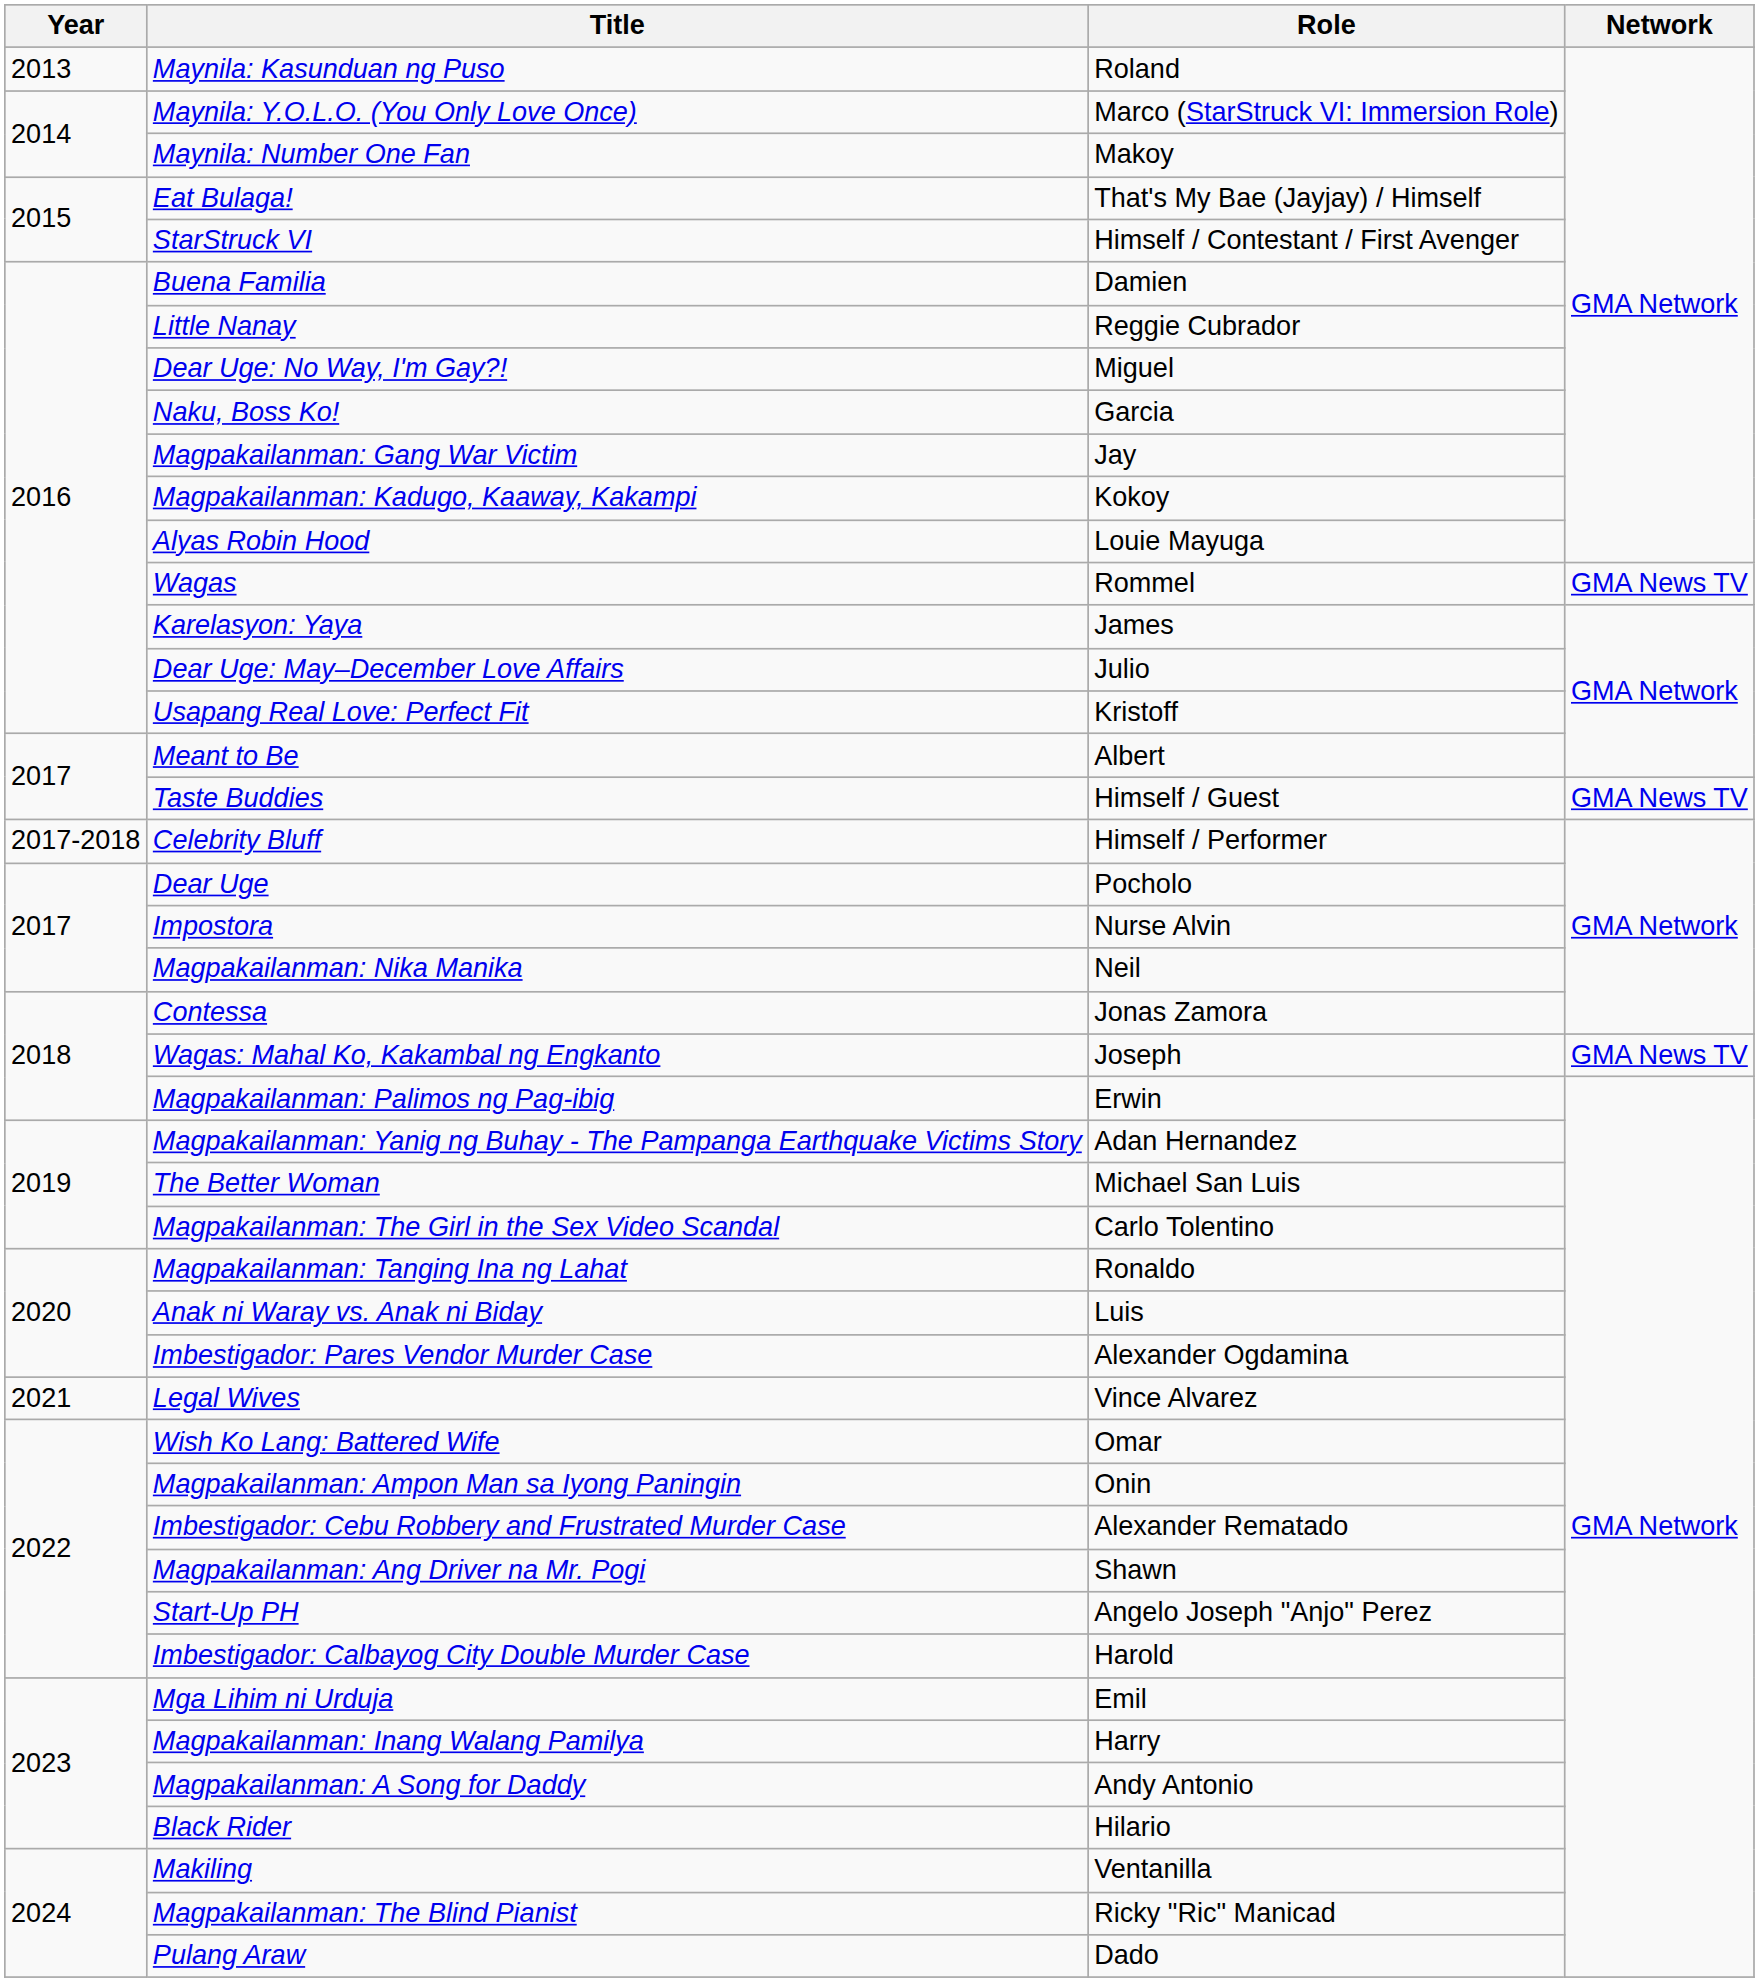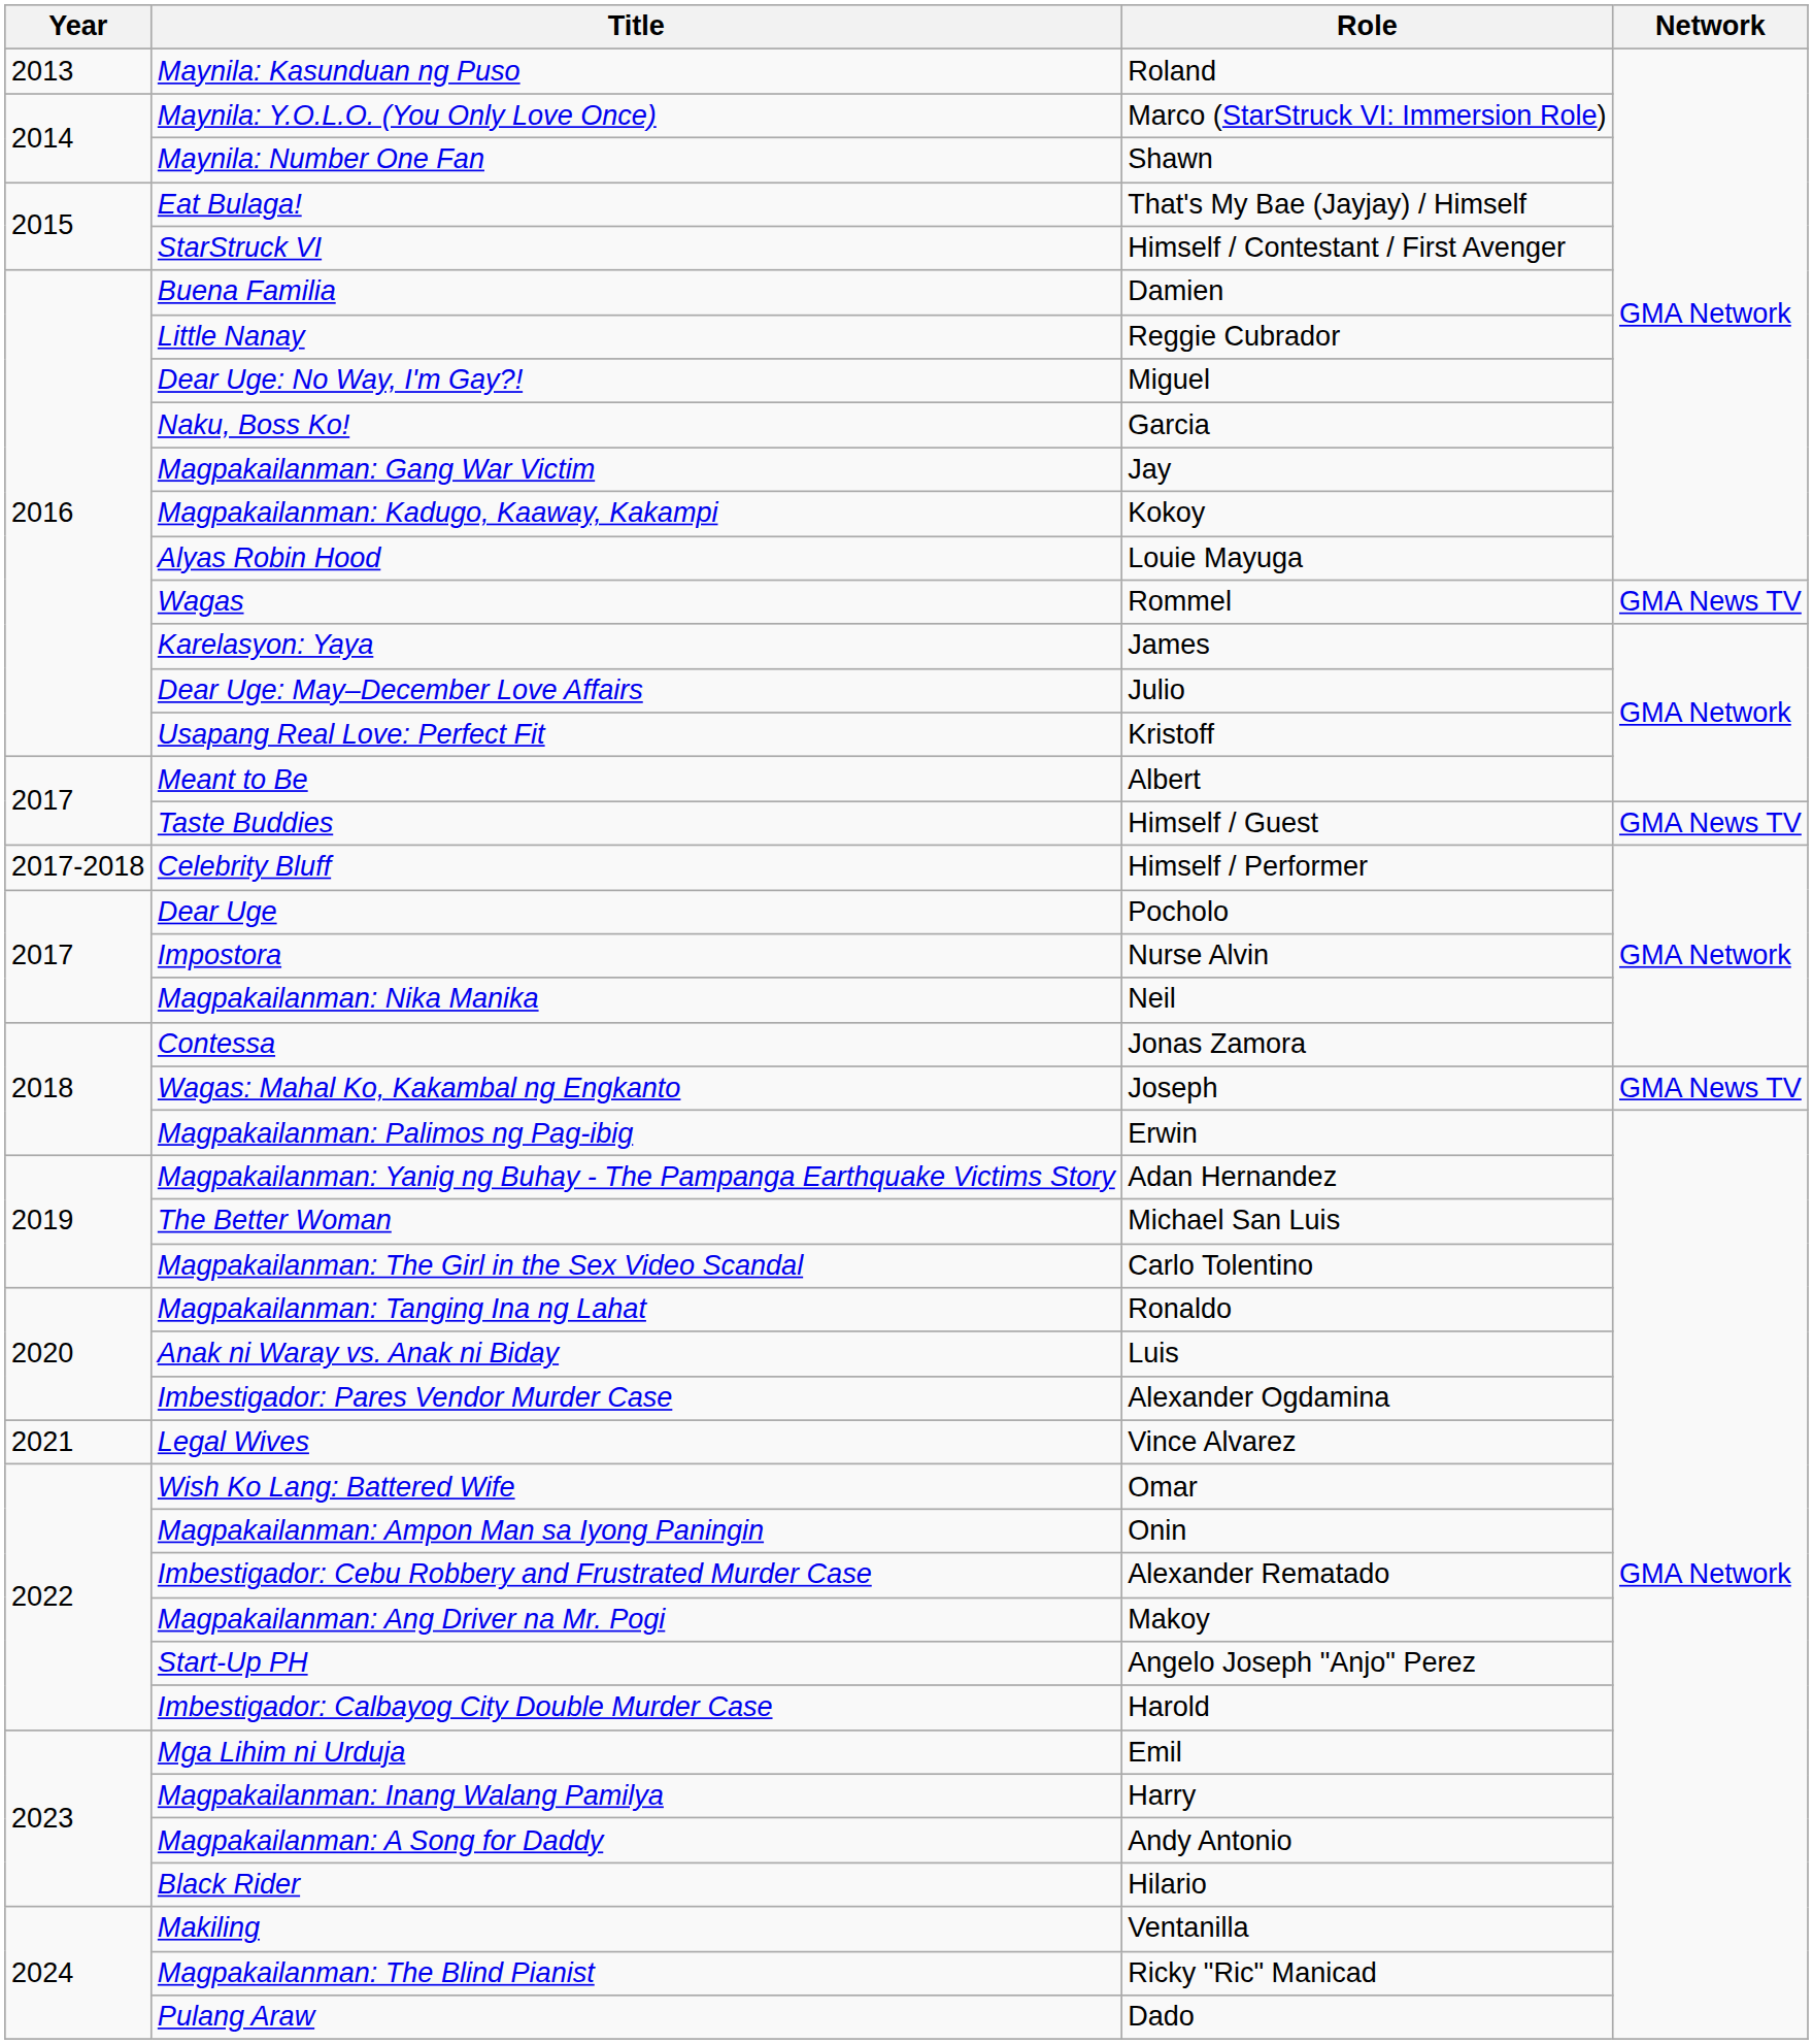 <table class="wikitable" style="font-size:100%">
 <tr>
 <th>Year</th>
 <th>Title</th>
 <th>Role</th>
 <th>Network</th>
 </tr>
 <tr>
 <td>2013</td>
 <td><em><a href='#'>Maynila: Kasunduan ng Puso</a></em></td>
 <td>Roland</td>
 <td rowspan="12"><a href='#'>GMA Network</a></td>
 </tr>
 <tr>
 <td rowspan="2">2014</td>
 <td><em><a href='#'>Maynila: Y.O.L.O. (You Only Love Once)</a></em></td>
 <td>Marco (<a href='#'>StarStruck VI: Immersion Role</a>)</td>
 </tr>
 <tr>
 <td><em><a href='#'>Maynila: Number One Fan</a></em></td>
-<td>Makoy</td>
+<td>Shawn</td>
 </tr>
 <tr>
 <td rowspan="2">2015</td>
 <td><em><a href='#'>Eat Bulaga!</a></em></td>
 <td>That's My Bae (Jayjay) / Himself</td>
 </tr>
 <tr>
 <td><em><a href='#'>StarStruck VI</a></em></td>
 <td>Himself / Contestant / First Avenger</td>
 </tr>
 <tr>
 <td rowspan="11">2016</td>
 <td><em><a href='#'>Buena Familia</a></em></td>
 <td>Damien</td>
 </tr>
 <tr>
 <td><em><a href='#'>Little Nanay</a></em></td>
 <td>Reggie Cubrador</td>
 </tr>
 <tr>
 <td><em><a href='#'>Dear Uge: No Way, I'm Gay?!</a></em></td>
 <td>Miguel</td>
 </tr>
 <tr>
 <td><em><a href='#'>Naku, Boss Ko!</a></em></td>
 <td>Garcia</td>
 </tr>
 <tr>
 <td><em><a href='#'>Magpakailanman: Gang War Victim</a></em></td>
 <td>Jay</td>
 </tr>
 <tr>
 <td><em><a href='#'>Magpakailanman: Kadugo, Kaaway, Kakampi</a></em></td>
 <td>Kokoy</td>
 </tr>
 <tr>
 <td><em><a href='#'>Alyas Robin Hood</a></em></td>
 <td>Louie Mayuga</td>
 </tr>
 <tr>
 <td><em><a href='#'>Wagas</a></em></td>
 <td>Rommel</td>
 <td><a href='#'>GMA News TV</a></td>
 </tr>
 <tr>
 <td><em><a href='#'>Karelasyon: Yaya</a></em></td>
 <td>James</td>
 <td rowspan="4"><a href='#'>GMA Network</a></td>
 </tr>
 <tr>
 <td><em><a href='#'>Dear Uge: May–December Love Affairs</a></em></td>
 <td>Julio</td>
 </tr>
 <tr>
 <td><em><a href='#'>Usapang Real Love: Perfect Fit</a></em></td>
 <td>Kristoff</td>
 </tr>
 <tr>
 <td rowspan="2">2017</td>
 <td><em><a href='#'>Meant to Be</a></em></td>
 <td>Albert</td>
 </tr>
 <tr>
 <td><em><a href='#'>Taste Buddies</a></em></td>
 <td>Himself / Guest</td>
 <td><a href='#'>GMA News TV</a></td>
 </tr>
 <tr>
 <td>2017-2018</td>
 <td><em><a href='#'>Celebrity Bluff</a></em></td>
 <td>Himself / Performer</td>
 <td rowspan="5"><a href='#'>GMA Network</a></td>
 </tr>
 <tr>
 <td rowspan="3">2017</td>
 <td><em><a href='#'>Dear Uge</a></em></td>
 <td>Pocholo</td>
 </tr>
 <tr>
 <td><em><a href='#'>Impostora</a></em></td>
 <td>Nurse Alvin</td>
 </tr>
 <tr>
 <td><em><a href='#'>Magpakailanman: Nika Manika</a></em></td>
 <td>Neil</td>
 </tr>
 <tr>
 <td rowspan="3">2018</td>
 <td><em><a href='#'>Contessa</a></em></td>
 <td>Jonas Zamora</td>
 </tr>
 <tr>
 <td><em><a href='#'>Wagas: Mahal Ko, Kakambal ng Engkanto</a></em></td>
 <td>Joseph</td>
 <td><a href='#'>GMA News TV</a></td>
 </tr>
 <tr>
 <td><em><a href='#'>Magpakailanman: Palimos ng Pag-ibig</a></em></td>
 <td>Erwin</td>
 <td rowspan="21"><a href='#'>GMA Network</a></td>
 </tr>
 <tr>
 <td rowspan="3">2019</td>
 <td><em><a href='#'>Magpakailanman: Yanig ng Buhay - The Pampanga Earthquake Victims Story</a></em></td>
 <td>Adan Hernandez</td>
 </tr>
 <tr>
 <td><em><a href='#'>The Better Woman</a></em></td>
 <td>Michael San Luis</td>
 </tr>
 <tr>
 <td><em><a href='#'>Magpakailanman: The Girl in the Sex Video Scandal</a></em></td>
 <td>Carlo Tolentino</td>
 </tr>
 <tr>
 <td rowspan="3">2020</td>
 <td><em><a href='#'>Magpakailanman: Tanging Ina ng Lahat</a></em></td>
 <td>Ronaldo</td>
 </tr>
 <tr>
 <td><em><a href='#'>Anak ni Waray vs. Anak ni Biday</a></em></td>
 <td>Luis</td>
 </tr>
 <tr>
 <td><em><a href='#'>Imbestigador: Pares Vendor Murder Case</a> </em></td>
 <td>Alexander Ogdamina</td>
 </tr>
 <tr>
 <td>2021</td>
 <td><em><a href='#'>Legal Wives</a></em></td>
 <td>Vince Alvarez</td>
 </tr>
 <tr>
 <td rowspan="6">2022</td>
 <td><em><a href='#'>Wish Ko Lang: Battered Wife</a></em></td>
 <td>Omar</td>
 </tr>
 <tr>
 <td><em><a href='#'>Magpakailanman: Ampon Man sa Iyong Paningin</a></em></td>
 <td>Onin</td>
 </tr>
 <tr>
 <td><em><a href='#'>Imbestigador: Cebu Robbery and Frustrated Murder Case</a></em></td>
 <td>Alexander Rematado</td>
 </tr>
 <tr>
 <td><em><a href='#'>Magpakailanman: Ang Driver na Mr. Pogi</a></em></td>
-<td>Shawn</td>
+<td>Makoy</td>
 </tr>
 <tr>
 <td><em><a href='#'>Start-Up PH</a></em></td>
 <td>Angelo Joseph "Anjo" Perez</td>
 </tr>
 <tr>
 <td><em><a href='#'>Imbestigador: Calbayog City Double Murder Case</a></em></td>
 <td>Harold</td>
 </tr>
 <tr>
 <td rowspan="4">2023</td>
 <td><em><a href='#'>Mga Lihim ni Urduja</a></em></td>
 <td>Emil</td>
 </tr>
 <tr>
 <td><em><a href='#'>Magpakailanman: Inang Walang Pamilya</a></em></td>
 <td>Harry</td>
 </tr>
 <tr>
 <td><em><a href='#'>Magpakailanman: A Song for Daddy</a></em></td>
 <td>Andy Antonio</td>
 </tr>
 <tr>
 <td><em><a href='#'>Black Rider</a></em></td>
 <td>Hilario</td>
 </tr>
 <tr>
 <td rowspan="3">2024</td>
 <td><em><a href='#'>Makiling</a></em></td>
 <td>Ventanilla</td>
 </tr>
 <tr>
 <td><em><a href='#'>Magpakailanman: The Blind Pianist</a></em></td>
 <td>Ricky "Ric" Manicad</td>
 </tr>
 <tr>
 <td><em><a href='#'>Pulang Araw</a></em></td>
 <td>Dado</td>
 </tr>
 </table>
